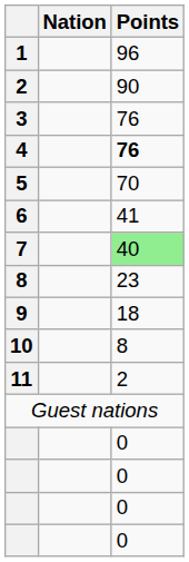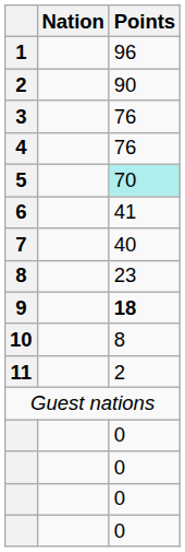 <table class="wikitable" style="font-size:85%">
 <tr>
 <th></th>
 <th>Nation</th>
 <th>Points</th>
 </tr>
 <tr>
 <th>1</th>
 <td></td>
 <td>96</td>
 </tr>
 <tr>
 <th>2</th>
 <td></td>
 <td>90</td>
 </tr>
 <tr>
 <th>3</th>
 <td></td>
 <td>76</td>
 </tr>
 <tr>
 <th>4</th>
 <td></td>
-<td><strong>76</strong></td>
+<td>76</td>
 </tr>
 <tr>
 <th>5</th>
 <td></td>
-<td>70</td>
+<td style="background: paleturquoise;">70</td>
 </tr>
 <tr>
 <th>6</th>
 <td></td>
 <td>41</td>
 </tr>
 <tr>
 <th>7</th>
 <td></td>
-<td style="background: lightgreen;">40</td>
+<td>40</td>
 </tr>
 <tr>
 <th>8</th>
 <td></td>
 <td>23</td>
 </tr>
 <tr>
 <th>9</th>
 <td></td>
-<td>18</td>
+<td><strong>18</strong></td>
 </tr>
 <tr>
 <th>10</th>
 <td></td>
 <td>8</td>
 </tr>
 <tr>
 <th>11</th>
 <td></td>
 <td>2</td>
 </tr>
 <tr>
 <td colspan=3 align=center><em>Guest nations</em></td>
 </tr>
 <tr>
 <th></th>
 <td></td>
 <td>0</td>
 </tr>
 <tr>
 <th></th>
 <td></td>
 <td>0</td>
 </tr>
 <tr>
 <th></th>
 <td></td>
 <td>0</td>
 </tr>
 <tr>
 <th></th>
 <td></td>
 <td>0</td>
 </tr>
 </table>
